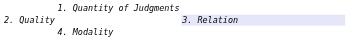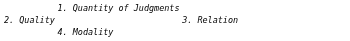 <table style="margin:1em auto;">
 <tr>
 <td></td>
 <td><em>1. Quantity of Judgments</em></td>
 <td></td>
 </tr>
 <tr>
 <td><em>2. Quality</em><br></td>
 <td></td>
-<td width=250 style="background: lavender;"><em>3. Relation</em><br></td>
+<td width=250><em>3. Relation</em><br></td>
 </tr>
 <tr>
 <td></td>
 <td><em>4. Modality</em><br></td>
 </tr>
 </table>
